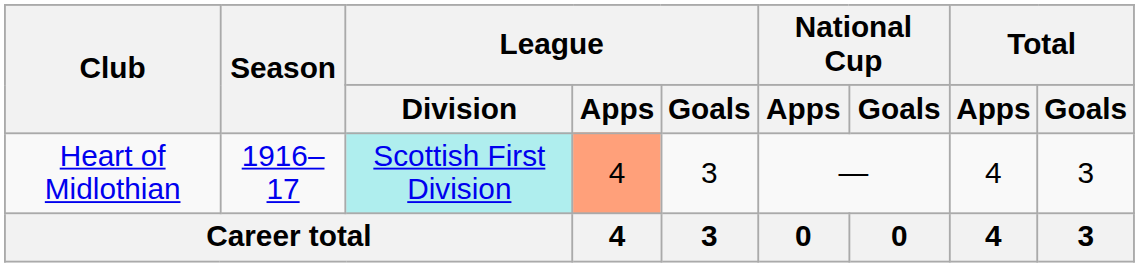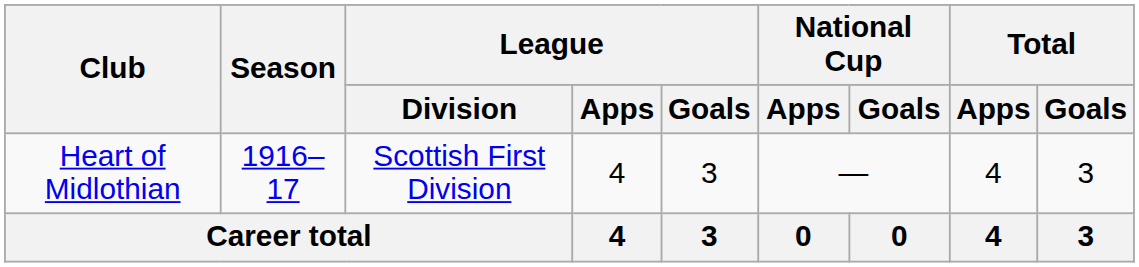 <table class="wikitable" style="text-align: center;">
 <tr>
 <th rowspan="2">Club</th>
 <th rowspan="2">Season</th>
 <th colspan="3">League</th>
 <th colspan="2">National Cup</th>
 <th colspan="2">Total</th>
 </tr>
 <tr>
 <th>Division</th>
 <th>Apps</th>
 <th>Goals</th>
 <th>Apps</th>
 <th>Goals</th>
 <th>Apps</th>
 <th>Goals</th>
 </tr>
 <tr>
 <td><a href='#'>Heart of Midlothian</a></td>
 <td><a href='#'>1916–17</a></td>
-<td style="background: paleturquoise;"><a href='#'>Scottish First Division</a></td>
-<td style="background: lightsalmon;">4</td>
+<td><a href='#'>Scottish First Division</a></td>
+<td>4</td>
 <td>3</td>
 <td colspan="2">—</td>
 <td>4</td>
 <td>3</td>
 </tr>
 <tr>
 <th colspan="3">Career total</th>
 <th>4</th>
 <th>3</th>
 <th>0</th>
 <th>0</th>
 <th>4</th>
 <th>3</th>
 </tr>
 </table>
